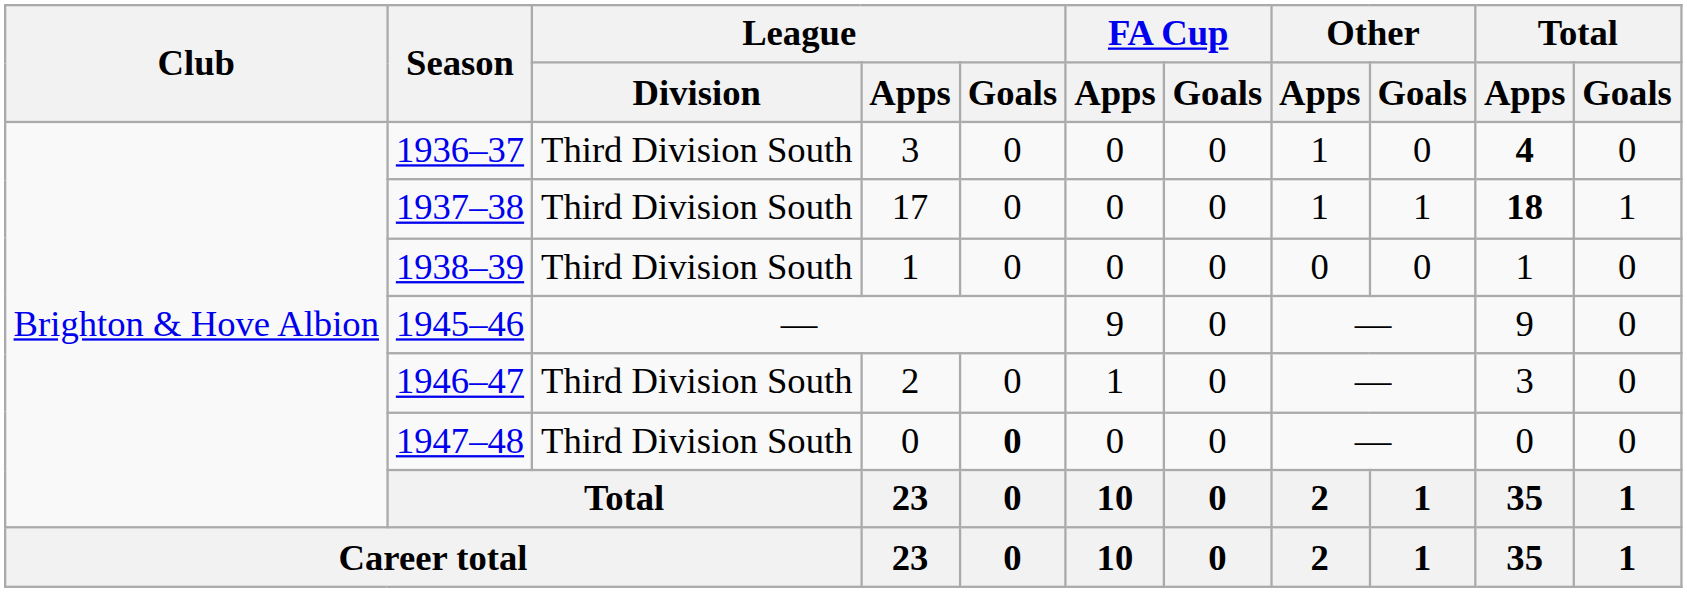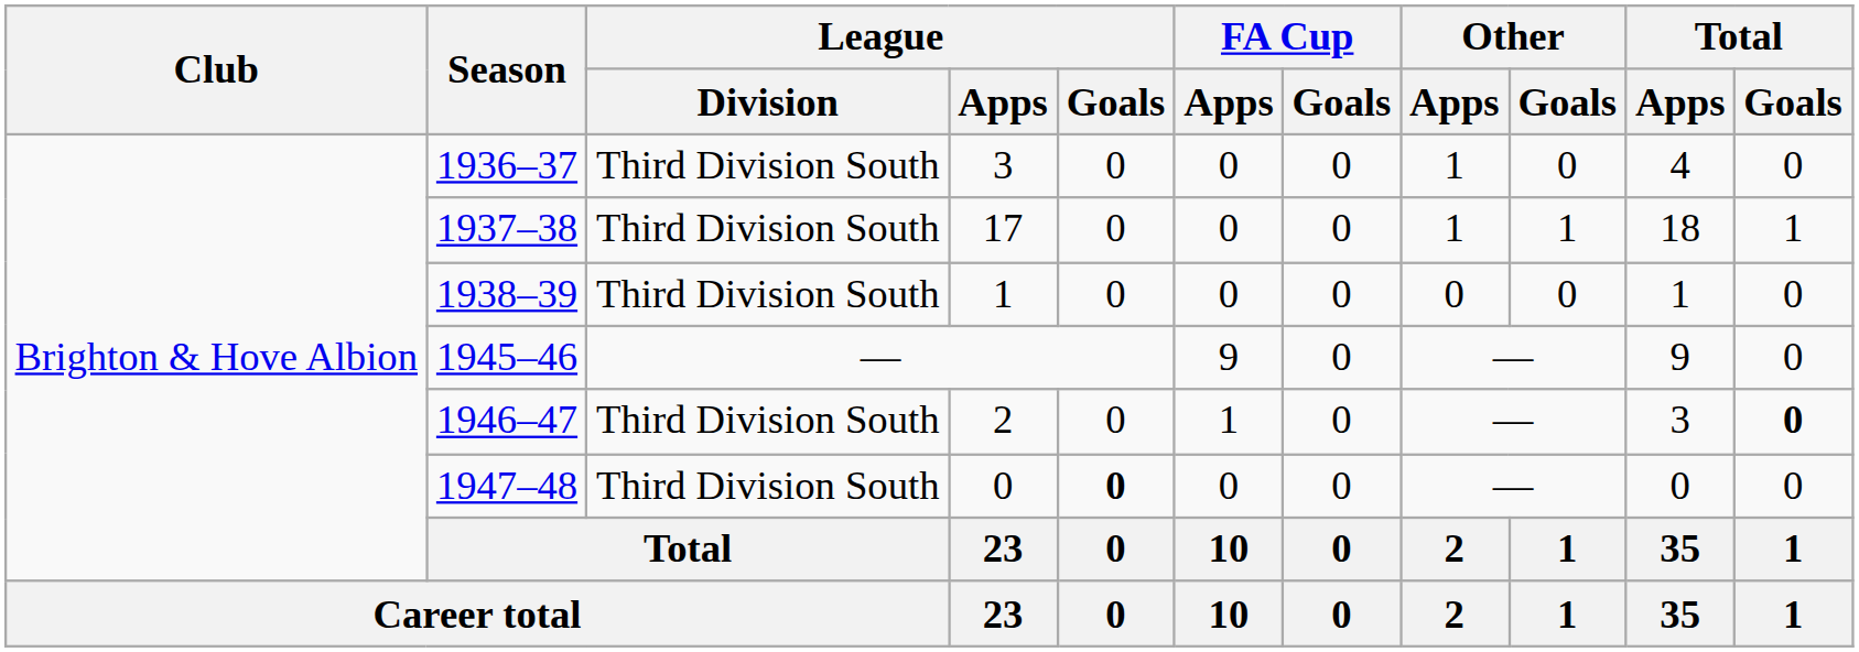 <table class="wikitable" style=text-align:center>
 <tr>
 <th rowspan=2>Club</th>
 <th rowspan=2>Season</th>
 <th colspan=3>League</th>
 <th colspan=2><a href='#'>FA Cup</a></th>
 <th colspan=2>Other</th>
 <th colspan=2>Total</th>
 </tr>
 <tr>
 <th>Division</th>
 <th>Apps</th>
 <th>Goals</th>
 <th>Apps</th>
 <th>Goals</th>
 <th>Apps</th>
 <th>Goals</th>
 <th>Apps</th>
 <th>Goals</th>
 </tr>
 <tr>
 <td rowspan=7><a href='#'>Brighton & Hove Albion</a></td>
 <td><a href='#'>1936–37</a></td>
 <td>Third Division South</td>
 <td>3</td>
 <td>0</td>
 <td>0</td>
 <td>0</td>
 <td>1</td>
 <td>0</td>
-<td><strong>4</strong></td>
+<td>4</td>
 <td>0</td>
 </tr>
 <tr>
 <td><a href='#'>1937–38</a></td>
 <td>Third Division South</td>
 <td>17</td>
 <td>0</td>
 <td>0</td>
 <td>0</td>
 <td>1</td>
 <td>1</td>
-<td><strong>18</strong></td>
+<td>18</td>
 <td>1</td>
 </tr>
 <tr>
 <td><a href='#'>1938–39</a></td>
 <td>Third Division South</td>
 <td>1</td>
 <td>0</td>
 <td>0</td>
 <td>0</td>
 <td>0</td>
 <td>0</td>
 <td>1</td>
 <td>0</td>
 </tr>
 <tr>
 <td><a href='#'>1945–46</a></td>
 <td colspan=3>—</td>
 <td>9</td>
 <td>0</td>
 <td colspan=2>—</td>
 <td>9</td>
 <td>0</td>
 </tr>
 <tr>
 <td><a href='#'>1946–47</a></td>
 <td>Third Division South</td>
 <td>2</td>
 <td>0</td>
 <td>1</td>
 <td>0</td>
 <td colspan=2>—</td>
 <td>3</td>
-<td>0</td>
+<td><strong>0</strong></td>
 </tr>
 <tr>
 <td><a href='#'>1947–48</a></td>
 <td>Third Division South</td>
 <td>0</td>
 <td><strong>0</strong></td>
 <td>0</td>
 <td>0</td>
 <td colspan=2>—</td>
 <td>0</td>
 <td>0</td>
 </tr>
 <tr>
 <th colspan=2>Total</th>
 <th>23</th>
 <th>0</th>
 <th>10</th>
 <th>0</th>
 <th>2</th>
 <th>1</th>
 <th>35</th>
 <th>1</th>
 </tr>
 <tr>
 <th colspan=3>Career total</th>
 <th>23</th>
 <th>0</th>
 <th>10</th>
 <th>0</th>
 <th>2</th>
 <th>1</th>
 <th>35</th>
 <th>1</th>
 </tr>
 </table>
